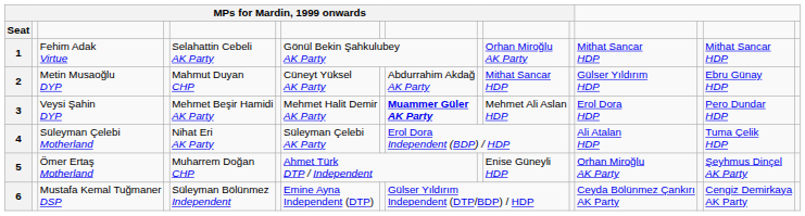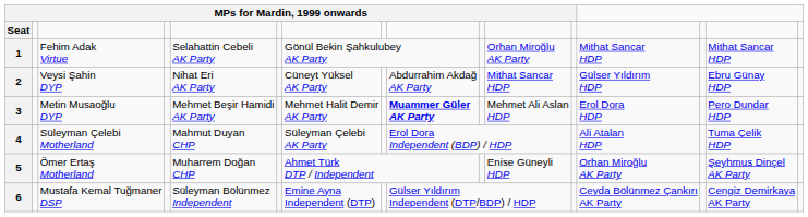 <table class="wikitable">
 <tr>
 <th colspan = 12>MPs for Mardin, 1999 onwards</th>
 </tr>
 <tr>
 <th rowspan = 2>Seat</th>
 <td rowspan="2" style="width:1px;"></td>
 <td rowspan = 2></td>
 <td rowspan="2" style="width:1px;"></td>
 <td rowspan = 2></td>
 <td rowspan="2" style="width:1px;"></td>
 <td rowspan = 2></td>
 <td rowspan="2" style="width:1px;"></td>
 <td rowspan = 2></td>
 <td rowspan="2" style="width:1px;"></td>
 <td rowspan = 2></td>
 <td rowspan="2" style="width:1px;"></td>
 <td rowspan = 2></td>
 <td rowspan="2" style="width:1px;"></td>
 <td rowspan = 2></td>
 </tr>
 <tr>
 <td></td>
 </tr>
 <tr>
 <th>1</th>
 <td width=1px style="background-color: "></td>
 <td colspan = 1>Fehim Adak<br><em><a href='#'>Virtue</a></em></td>
 <td width=1px style="background-color: "></td>
 <td colspan = 1>Selahattin Cebeli<br><em><a href='#'>AK Party</a></em></td>
 <td width=1px style="background-color: "></td>
 <td colspan = 3>Gönül Bekin Şahkulubey<br><em><a href='#'>AK Party</a></em></td>
 <td width=1px style="background-color: "></td>
 <td colspan = 1><a href='#'>Orhan Miroğlu</a><br><em><a href='#'>AK Party</a></em></td>
 <td width=1px style="background-color: "></td>
 <td colspan = 1><a href='#'>Mithat Sancar</a><br><em><a href='#'>HDP</a></em></td>
 <td width=1px style="background-color: "></td>
 <td colspan = 1><a href='#'>Mithat Sancar</a><br><em><a href='#'>HDP</a></em></td>
 <td width=1px style="background-color: "></td>
 </tr>
 <tr>
 <th>2</th>
 <td width=1px style="background-color: "></td>
-<td colspan = 1>Metin Musaoğlu<br><em><a href='#'>DYP</a></em></td>
+<td colspan = 1>Veysi Şahin<br><em><a href='#'>DYP</a></em></td>
 <td width=1px style="background-color: "></td>
-<td colspan = 1>Mahmut Duyan<br><em><a href='#'>CHP</a></em></td>
+<td colspan = 1>Nihat Eri<br><em><a href='#'>AK Party</a></em></td>
 <td width=1px style="background-color: "></td>
 <td colspan = 1>Cüneyt Yüksel<br><em><a href='#'>AK Party</a></em></td>
 <td width=1px style="background-color: "></td>
 <td colspan = 1>Abdurrahim Akdağ<br><em><a href='#'>AK Party</a></em></td>
 <td width=1px style="background-color: "></td>
 <td colspan = 1><a href='#'>Mithat Sancar</a><br><em><a href='#'>HDP</a></em></td>
 <td width=1px style="background-color: "></td>
 <td colspan = 1><a href='#'>Gülser Yıldırım</a><br><em><a href='#'>HDP</a></em></td>
 <td width=1px style="background-color: "></td>
 <td colspan = 1><a href='#'>Ebru Günay</a><br><em><a href='#'>HDP</a></em></td>
 <td width=1px style="background-color: "></td>
 </tr>
 <tr>
 <th>3</th>
 <td width=1px style="background-color: "></td>
-<td colspan = 1>Veysi Şahin<br><em><a href='#'>DYP</a></em></td>
+<td colspan = 1>Metin Musaoğlu<br><em><a href='#'>DYP</a></em></td>
 <td width=1px style="background-color: "></td>
 <td colspan = 1>Mehmet Beşir Hamidi<br><em><a href='#'>AK Party</a></em></td>
 <td width=1px style="background-color: "></td>
 <td colspan = 1>Mehmet Halit Demir<br><em><a href='#'>AK Party</a></em></td>
 <td width=1px style="background-color: "></td>
 <td colspan = 1><strong><a href='#'>Muammer Güler</a><br><em><a href='#'>AK Party</a></em></strong></td>
 <td width=1px style="background-color: "></td>
 <td colspan = 1>Mehmet Ali Aslan<br><em><a href='#'>HDP</a></em></td>
 <td width=1px style="background-color: "></td>
 <td colspan = 1><a href='#'>Erol Dora</a><br><em><a href='#'>HDP</a></em></td>
 <td width=1px style="background-color: "></td>
 <td colspan = 1><a href='#'>Pero Dundar</a><br><em><a href='#'>HDP</a></em></td>
 <td width=1px style="background-color: "></td>
 </tr>
 <tr>
 <th>4</th>
 <td width=1px style="background-color: "></td>
 <td colspan = 1>Süleyman Çelebi<br><em><a href='#'>Motherland</a></em></td>
 <td width=1px style="background-color: "></td>
-<td colspan = 1>Nihat Eri<br><em><a href='#'>AK Party</a></em></td>
+<td colspan = 1>Mahmut Duyan<br><em><a href='#'>CHP</a></em></td>
 <td width=1px style="background-color: "></td>
 <td colspan = 1>Süleyman Çelebi<br><em><a href='#'>AK Party</a></em></td>
 <td width=1px style="background-color: "></td>
 <td colspan = 3><a href='#'>Erol Dora</a><br><em><a href='#'>Independent</a> (<a href='#'>BDP</a>) / <a href='#'>HDP</a></em></td>
 <td width=1px style="background-color: "></td>
 <td colspan = 1><a href='#'>Ali Atalan</a><br><em><a href='#'>HDP</a></em></td>
 <td width=1px style="background-color: "></td>
 <td colspan = 1><a href='#'>Tuma Çelik</a><br><em><a href='#'>HDP</a></em></td>
 <td width=1px style="background-color: "></td>
 </tr>
 <tr>
 <th>5</th>
 <td width=1px style="background-color: "></td>
 <td colspan = 1>Ömer Ertaş<br><em><a href='#'>Motherland</a></em></td>
 <td width=1px style="background-color: "></td>
 <td colspan = 1>Muharrem Doğan<br><em><a href='#'>CHP</a></em></td>
 <td width=1px style="background-color: "></td>
 <td colspan = 3><a href='#'>Ahmet Türk</a><br><em> <a href='#'>DTP</a> / <a href='#'>Independent</a></em></td>
 <td width=1px style="background-color: "></td>
 <td colspan = 1>Enise Güneyli<br><em><a href='#'>HDP</a></em></td>
 <td width=1px style="background-color: "></td>
 <td colspan = 1><a href='#'>Orhan Miroğlu</a><br><em><a href='#'>AK Party</a></em></td>
 <td width=1px style="background-color: "></td>
 <td colspan = 1><a href='#'>Şeyhmus Dinçel</a><br><em><a href='#'>AK Party</a></em></td>
 <td width=1px style="background-color: "></td>
 </tr>
 <tr>
 <th>6</th>
 <td width=1px style="background-color: "></td>
 <td colspan = 1>Mustafa Kemal Tuğmaner<br><em><a href='#'>DSP</a></em></td>
 <td width=1px style="background-color: "></td>
 <td colspan = 1>Süleyman Bölünmez<br><em><a href='#'>Independent</a><strong></td>
 <td width=1px style="background-color: "></td>
 <td colspan = 1><a href='#'>Emine Ayna</a><br></em><a href='#'>Independent</a> (<a href='#'>DTP</a>)<em></td>
 <td width=1px style="background-color: "></td>
 <td colspan = 3><a href='#'>Gülser Yıldırım</a><br></em><a href='#'>Independent</a> (<a href='#'>DTP</a>/<a href='#'>BDP</a>) / <a href='#'>HDP</a><em></td>
 <td width=1px style="background-color: "></td>
 <td colspan = 1><a href='#'>Ceyda Bölünmez Çankırı</a><br></em><a href='#'>AK Party</a><em></td>
 <td width=1px style="background-color: "></td>
 <td colspan = 1><a href='#'>Cengiz Demirkaya</a><br></em><a href='#'>AK Party</a><em></td>
 <td width=1px style="background-color: "></td>
 </tr>
 </table>
